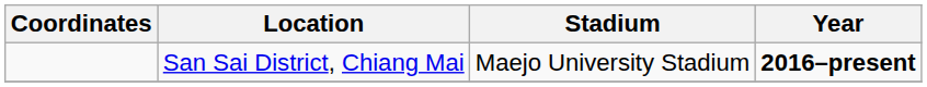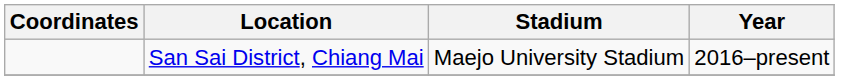 <table class="wikitable sortable">
 <tr>
 <th>Coordinates</th>
 <th>Location</th>
 <th>Stadium</th>
 <th>Year</th>
 </tr>
 <tr>
 <td></td>
 <td><a href='#'>San Sai District</a>, <a href='#'>Chiang Mai</a></td>
 <td>Maejo University Stadium</td>
-<td><strong>2016–present</strong></td>
+<td>2016–present</td>
 </tr>
 <tr>
 </tr>
 </table>
